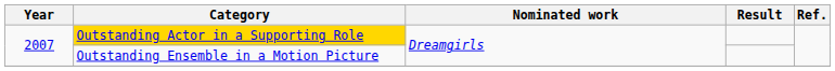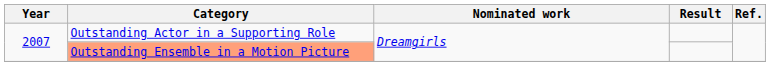 <table class=wikitable>
 <tr>
 <th scope="col" style="width:5em;">Year</th>
 <th scope="col" style="width:26em;">Category</th>
 <th scope="col" style="width:25em;">Nominated work</th>
 <th scope="col" style="width:5em;">Result</th>
 <th>Ref.</th>
 </tr>
 <tr>
 <td style="text-align:center;", rowspan="2"><a href='#'>2007</a></td>
-<td style="background: gold;"><a href='#'>Outstanding Actor in a Supporting Role</a></td>
+<td><a href='#'>Outstanding Actor in a Supporting Role</a></td>
 <td rowspan="2"><em><a href='#'>Dreamgirls</a></em></td>
 <td></td>
 <td rowspan=2></td>
 </tr>
 <tr>
-<td><a href='#'>Outstanding Ensemble in a Motion Picture</a></td>
+<td style="background: lightsalmon;"><a href='#'>Outstanding Ensemble in a Motion Picture</a></td>
 <td></td>
 </tr>
 <tr>
 </tr>
 </table>
